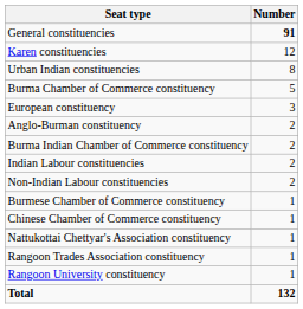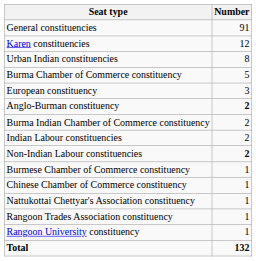 <table class=wikitable style=text-align:right>
 <tr>
 <th>Seat type</th>
 <th>Number</th>
 </tr>
 <tr>
 <td align=left>General constituencies</td>
-<td><strong>91</strong></td>
+<td>91</td>
 </tr>
 <tr>
 <td align=left><a href='#'>Karen</a> constituencies</td>
 <td>12</td>
 </tr>
 <tr>
 <td align=left>Urban Indian constituencies</td>
 <td>8</td>
 </tr>
 <tr>
 <td align=left>Burma Chamber of Commerce constituency</td>
 <td>5</td>
 </tr>
 <tr>
 <td align=left>European constituency</td>
 <td>3</td>
 </tr>
 <tr>
 <td align=left>Anglo-Burman constituency</td>
-<td>2</td>
+<td><strong>2</strong></td>
 </tr>
 <tr>
 <td align=left>Burma Indian Chamber of Commerce constituency</td>
 <td>2</td>
 </tr>
 <tr>
 <td align=left>Indian Labour constituencies</td>
 <td>2</td>
 </tr>
 <tr>
 <td align=left>Non-Indian Labour constituencies</td>
-<td>2</td>
+<td><strong>2</strong></td>
 </tr>
 <tr>
 <td align=left>Burmese Chamber of Commerce constituency</td>
 <td>1</td>
 </tr>
 <tr>
 <td align=left>Chinese Chamber of Commerce constituency</td>
 <td>1</td>
 </tr>
 <tr>
 <td align=left>Nattukottai Chettyar's Association constituency</td>
 <td>1</td>
 </tr>
 <tr>
 <td align=left>Rangoon Trades Association constituency</td>
 <td>1</td>
 </tr>
 <tr>
 <td align=left><a href='#'>Rangoon University</a> constituency</td>
 <td>1</td>
 </tr>
 <tr>
 <td align=left><strong>Total</strong></td>
 <td><strong>132</strong></td>
 </tr>
 </table>
